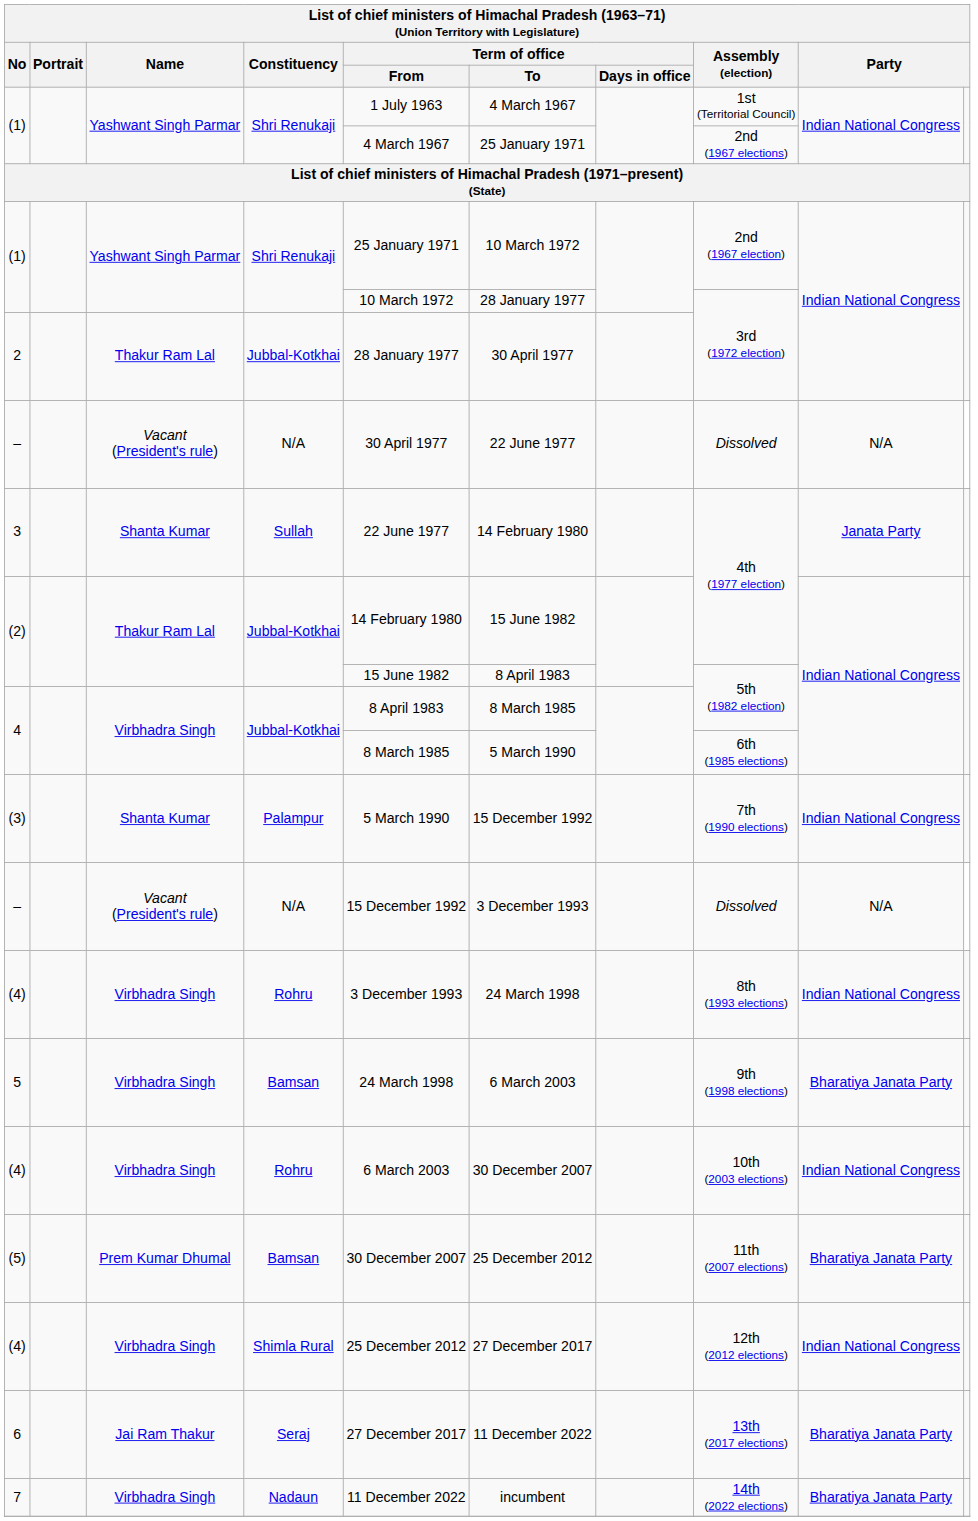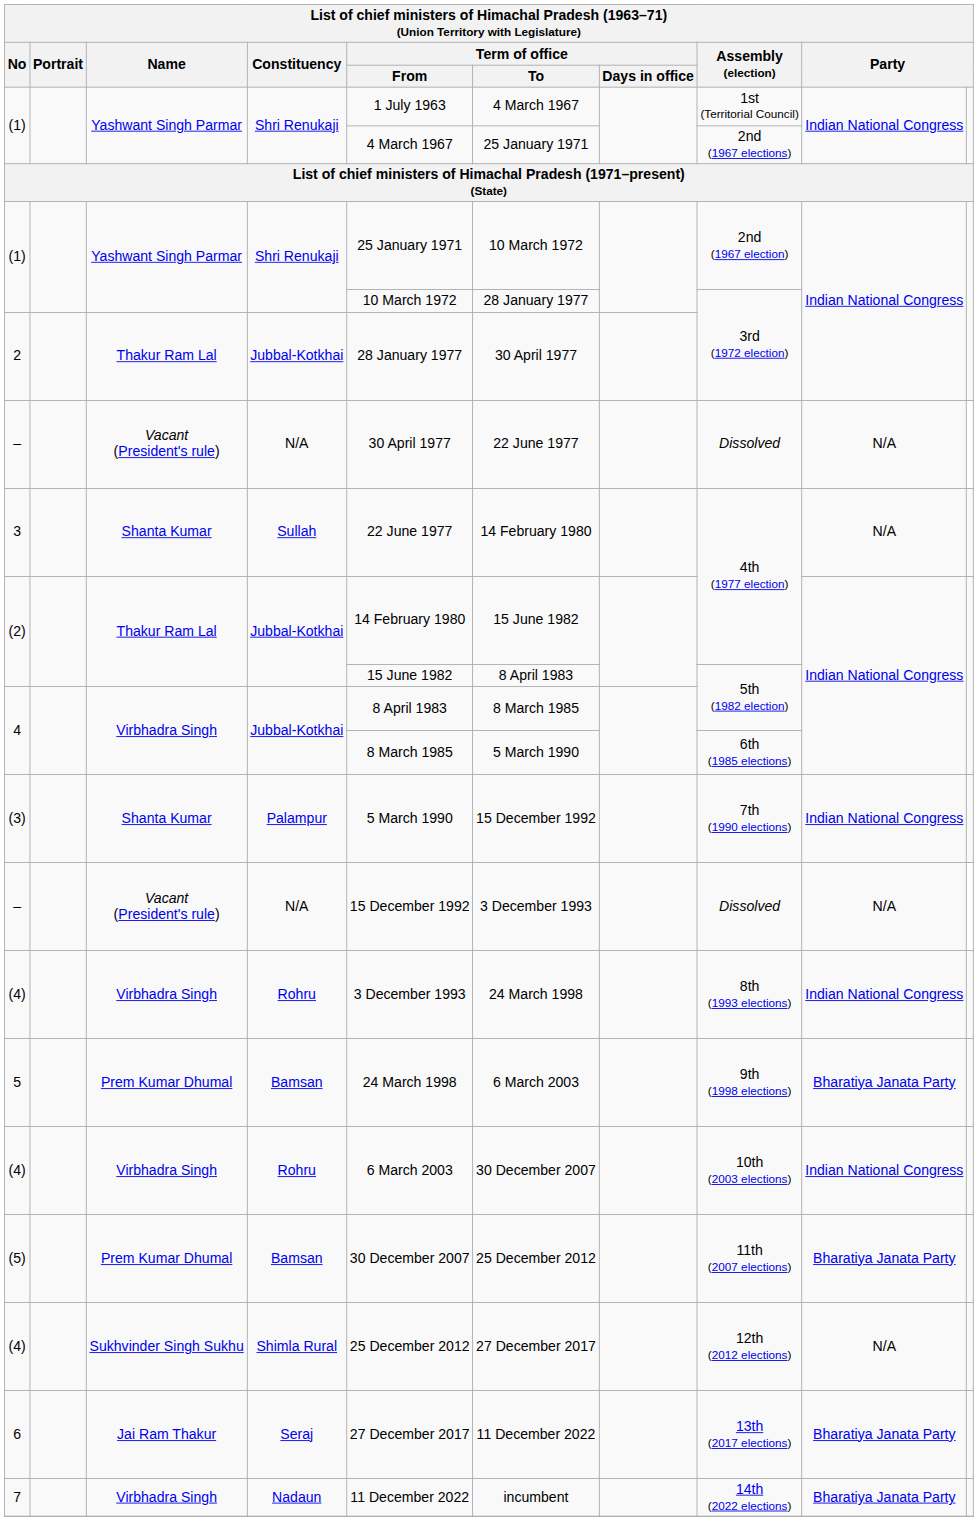 <table class="wikitable" style="text-align:center">
 <tr>
 <th colspan="10">List of chief ministers of Himachal Pradesh (1963–71)<br><small>(Union Territory with Legislature)</small></th>
 </tr>
 <tr>
 <th rowspan="2">No</th>
 <th rowspan="2">Portrait</th>
 <th rowspan="2">Name</th>
 <th rowspan="2">Constituency</th>
 <th colspan="3">Term of office</th>
 <th rowspan="2">Assembly<br><small>(election)</small></th>
 <th colspan="2" rowspan="2">Party</th>
 </tr>
 <tr>
 <th>From</th>
 <th>To</th>
 <th>Days in office</th>
 </tr>
 <tr>
 <td rowspan="2">(1)</td>
 <td rowspan="2"></td>
 <td rowspan="2"><a href='#'>Yashwant Singh Parmar</a></td>
 <td rowspan="2"><a href='#'>Shri Renukaji</a></td>
 <td>1 July 1963</td>
 <td>4 March 1967</td>
 <td rowspan="2"></td>
 <td>1st<br><small> (Territorial Council)</small></td>
 <td rowspan="2"><a href='#'>Indian National Congress</a></td>
 <td rowspan="2" style="background-color: "></td>
 </tr>
 <tr>
 <td>4 March 1967</td>
 <td>25 January 1971</td>
 <td>2nd<br><small>(<a href='#'>1967 elections</a>)</small></td>
 </tr>
 <tr>
 <th colspan="10">List of chief ministers of Himachal Pradesh (1971–present)<br><small>(State)</small></th>
 </tr>
 <tr align="center" style="height: 100px;">
 <td rowspan="2">(1)</td>
 <td rowspan="2"></td>
 <td rowspan="2"><a href='#'>Yashwant Singh Parmar</a></td>
 <td rowspan="2"><a href='#'>Shri Renukaji</a></td>
 <td>25 January 1971</td>
 <td>10 March 1972</td>
 <td rowspan="2"></td>
 <td>2nd<br><small>(<a href='#'>1967 election</a>)</small></td>
 <td rowspan="3"><a href='#'>Indian National Congress</a></td>
 <td rowspan="3" style="background-color: "></td>
 </tr>
 <tr>
 <td>10 March 1972</td>
 <td>28 January 1977</td>
 <td rowspan="2">3rd<br><small>(<a href='#'>1972 election</a>)</small></td>
 </tr>
 <tr align="center" style="height: 100px;">
 <td>2</td>
 <td></td>
 <td><a href='#'>Thakur Ram Lal</a></td>
 <td><a href='#'>Jubbal-Kotkhai</a></td>
 <td>28 January 1977</td>
 <td>30 April 1977</td>
 <td></td>
 </tr>
 <tr align="center" style="height: 100px;">
 <td>–</td>
 <td></td>
 <td><em>Vacant</em><br>(<a href='#'>President's rule</a>)</td>
 <td>N/A</td>
 <td>30 April 1977</td>
 <td>22 June 1977</td>
 <td></td>
 <td><em>Dissolved</em></td>
 <td>N/A</td>
 <td style="background-color: white"></td>
 </tr>
 <tr align="center" style="height: 100px;">
 <td>3</td>
 <td></td>
 <td><a href='#'>Shanta Kumar</a></td>
 <td><a href='#'>Sullah</a></td>
 <td>22 June 1977</td>
 <td>14 February 1980</td>
 <td></td>
 <td rowspan="2">4th<br><small>(<a href='#'>1977 election</a>)</small></td>
-<td><a href='#'>Janata Party</a></td>
+<td>N/A</td>
 <td style="background-color: "></td>
 </tr>
 <tr align="center" style="height: 100px;">
 <td rowspan="2">(2)</td>
 <td rowspan="2"></td>
 <td rowspan="2"><a href='#'>Thakur Ram Lal</a></td>
 <td rowspan="2"><a href='#'>Jubbal-Kotkhai</a></td>
 <td>14 February 1980</td>
 <td>15 June 1982</td>
 <td rowspan="2"></td>
 <td rowspan="4"><a href='#'>Indian National Congress</a></td>
 <td rowspan="4" style="background-color: "></td>
 </tr>
 <tr>
 <td>15 June 1982</td>
 <td>8 April 1983</td>
 <td rowspan="2">5th<br><small>(<a href='#'>1982 election</a>)</small></td>
 </tr>
 <tr align="center" style="height: 50px;">
 <td rowspan="2">4</td>
 <td rowspan="2"></td>
 <td rowspan="2"><a href='#'>Virbhadra Singh</a></td>
 <td rowspan="2"><a href='#'>Jubbal-Kotkhai</a></td>
 <td>8 April 1983</td>
 <td>8 March 1985</td>
 <td rowspan="2"></td>
 </tr>
 <tr align="center" style="height: 50px;">
 <td>8 March 1985</td>
 <td>5 March 1990</td>
 <td>6th<br><small>(<a href='#'>1985 elections</a>)</small></td>
 </tr>
 <tr align="center" style="height: 100px;">
 <td>(3)</td>
 <td></td>
 <td><a href='#'>Shanta Kumar</a></td>
 <td><a href='#'>Palampur</a></td>
 <td>5 March 1990</td>
 <td>15 December 1992</td>
 <td></td>
 <td>7th<br><small>(<a href='#'>1990 elections</a>)</small></td>
 <td><a href='#'>Indian National Congress</a></td>
 <td style="background-color: "></td>
 </tr>
 <tr align="center" style="height: 100px;">
 <td>–</td>
 <td></td>
 <td><em>Vacant</em><br>(<a href='#'>President's rule</a>)</td>
 <td>N/A</td>
 <td>15 December 1992</td>
 <td>3 December 1993</td>
 <td></td>
 <td><em>Dissolved</em></td>
 <td>N/A</td>
 <td style="background-color: white"></td>
 </tr>
 <tr align="center" style="height: 100px;">
 <td>(4)</td>
 <td></td>
 <td><a href='#'>Virbhadra Singh</a></td>
 <td><a href='#'>Rohru</a></td>
 <td>3 December 1993</td>
 <td>24 March 1998</td>
 <td></td>
 <td>8th<br><small>(<a href='#'>1993 elections</a>)</small></td>
 <td><a href='#'>Indian National Congress</a></td>
 <td style="background-color: "></td>
 </tr>
 <tr align="center" style="height: 100px;">
 <td>5</td>
 <td></td>
-<td><a href='#'>Virbhadra Singh</a></td>
+<td><a href='#'>Prem Kumar Dhumal</a></td>
 <td><a href='#'>Bamsan</a></td>
 <td>24 March 1998</td>
 <td>6 March 2003</td>
 <td></td>
 <td>9th<br><small>(<a href='#'>1998 elections</a>)</small></td>
 <td><a href='#'>Bharatiya Janata Party</a></td>
 <td style="background-color: "></td>
 </tr>
 <tr align="center" style="height: 100px;">
 <td>(4)</td>
 <td></td>
 <td><a href='#'>Virbhadra Singh</a></td>
 <td><a href='#'>Rohru</a></td>
 <td>6 March 2003</td>
 <td>30 December 2007</td>
 <td></td>
 <td>10th<br><small>(<a href='#'>2003 elections</a>)</small><br></td>
 <td><a href='#'>Indian National Congress</a></td>
 <td style="background-color: "></td>
 </tr>
 <tr align="center" style="height: 100px;">
 <td>(5)</td>
 <td></td>
 <td><a href='#'>Prem Kumar Dhumal</a></td>
 <td><a href='#'>Bamsan</a></td>
 <td>30 December 2007</td>
 <td>25 December 2012</td>
 <td></td>
 <td>11th<br><small>(<a href='#'>2007 elections</a>)</small></td>
 <td><a href='#'>Bharatiya Janata Party</a></td>
 <td style="background-color: "></td>
 </tr>
 <tr align="center" style="height: 100px;">
 <td>(4)</td>
 <td></td>
-<td><a href='#'>Virbhadra Singh</a></td>
+<td><a href='#'>Sukhvinder Singh Sukhu</a></td>
 <td><a href='#'>Shimla Rural</a></td>
 <td>25 December 2012</td>
 <td>27 December 2017</td>
 <td></td>
 <td>12th<br><small>(<a href='#'>2012 elections</a>)</small></td>
-<td><a href='#'>Indian National Congress</a></td>
+<td>N/A</td>
 <td style="background-color: "></td>
 </tr>
 <tr align="center" style="height: 100px;">
 <td>6</td>
 <td></td>
 <td><a href='#'>Jai Ram Thakur</a></td>
 <td><a href='#'>Seraj</a></td>
 <td>27 December 2017</td>
 <td>11 December 2022</td>
 <td></td>
 <td><a href='#'>13th</a><br><small>(<a href='#'>2017 elections</a>)</small></td>
 <td><a href='#'>Bharatiya Janata Party</a></td>
 <td style="background-color: "></td>
 </tr>
 <tr>
 <td>7</td>
 <td></td>
 <td><a href='#'>Virbhadra Singh</a></td>
 <td><a href='#'>Nadaun</a></td>
 <td>11 December 2022</td>
 <td>incumbent</td>
 <td></td>
 <td><a href='#'>14th</a><br><small>(<a href='#'>2022 elections</a>)</small></td>
 <td><a href='#'>Bharatiya Janata Party</a></td>
 <td style="background-color: "></td>
 </tr>
 <tr>
 </tr>
 </table>
